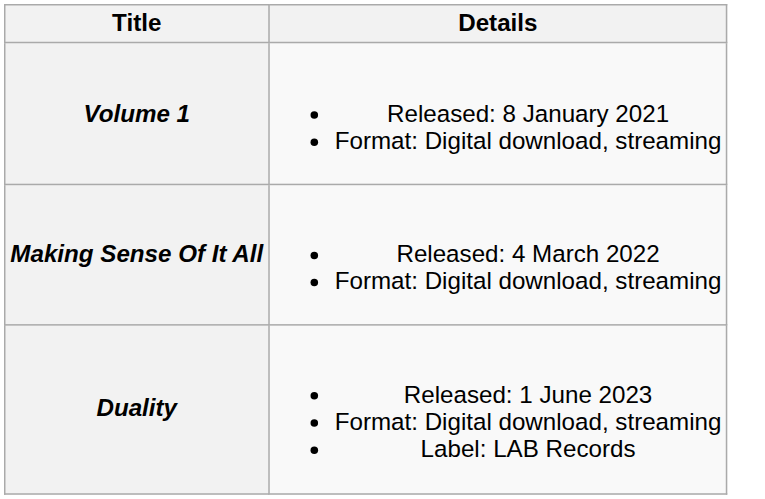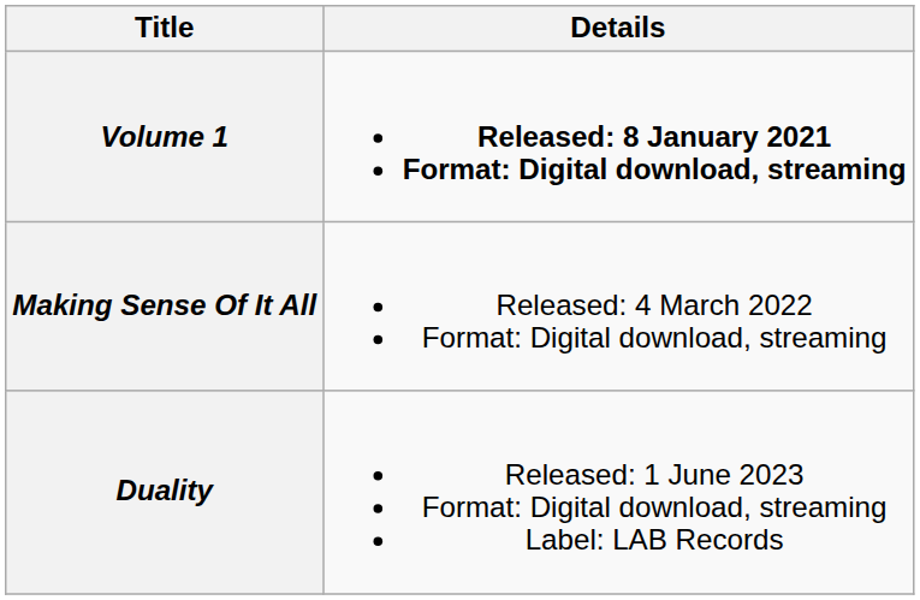 <table class="wikitable plainrowheaders" style="text-align:center;" border="1">
 <tr>
 <th>Title</th>
 <th>Details</th>
 </tr>
 <tr>
 <th scope="row"><em>Volume 1</em></th>
-<td><br><ul><li>Released: 8 January 2021</li><li>Format: Digital download, streaming</li></ul></td>
+<td><strong><br><ul><li>Released: 8 January 2021</li><li>Format: Digital download, streaming</li></ul></strong></td>
 </tr>
 <tr>
 <th scope="row"><em>Making Sense Of It All</em></th>
 <td><br><ul><li>Released: 4 March 2022</li><li>Format: Digital download, streaming</li></ul></td>
 </tr>
 <tr>
 <th scope="row"><em>Duality</em></th>
 <td><br><ul><li>Released: 1 June 2023</li><li>Format: Digital download, streaming</li><li>Label: LAB Records</li></ul></td>
 </tr>
 </table>
